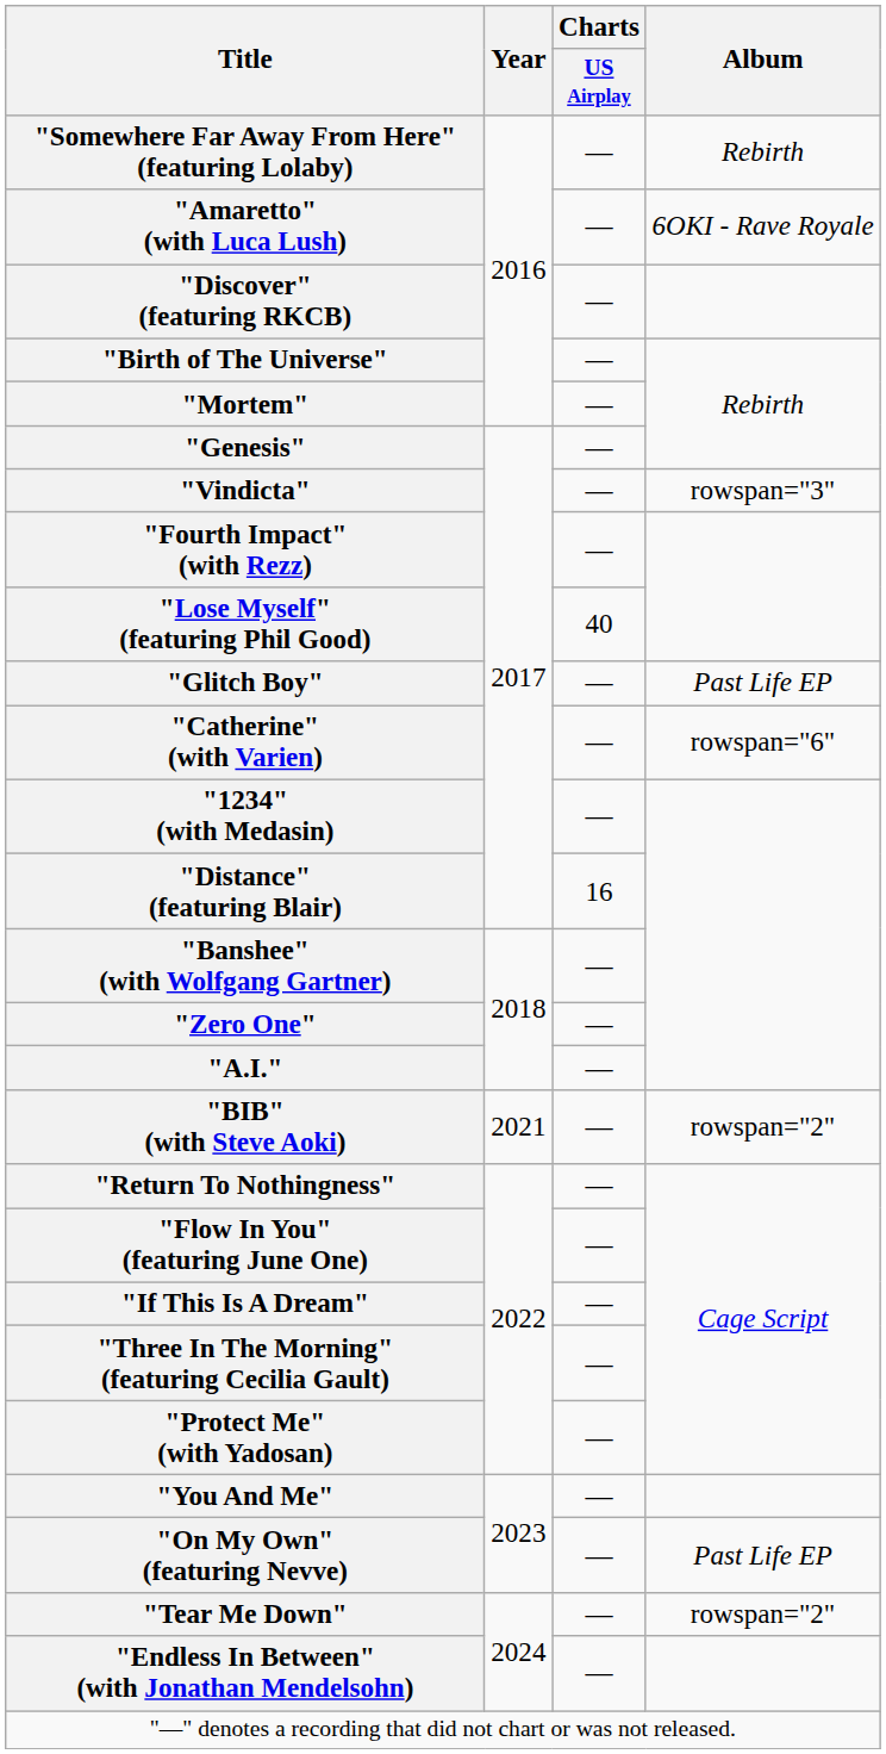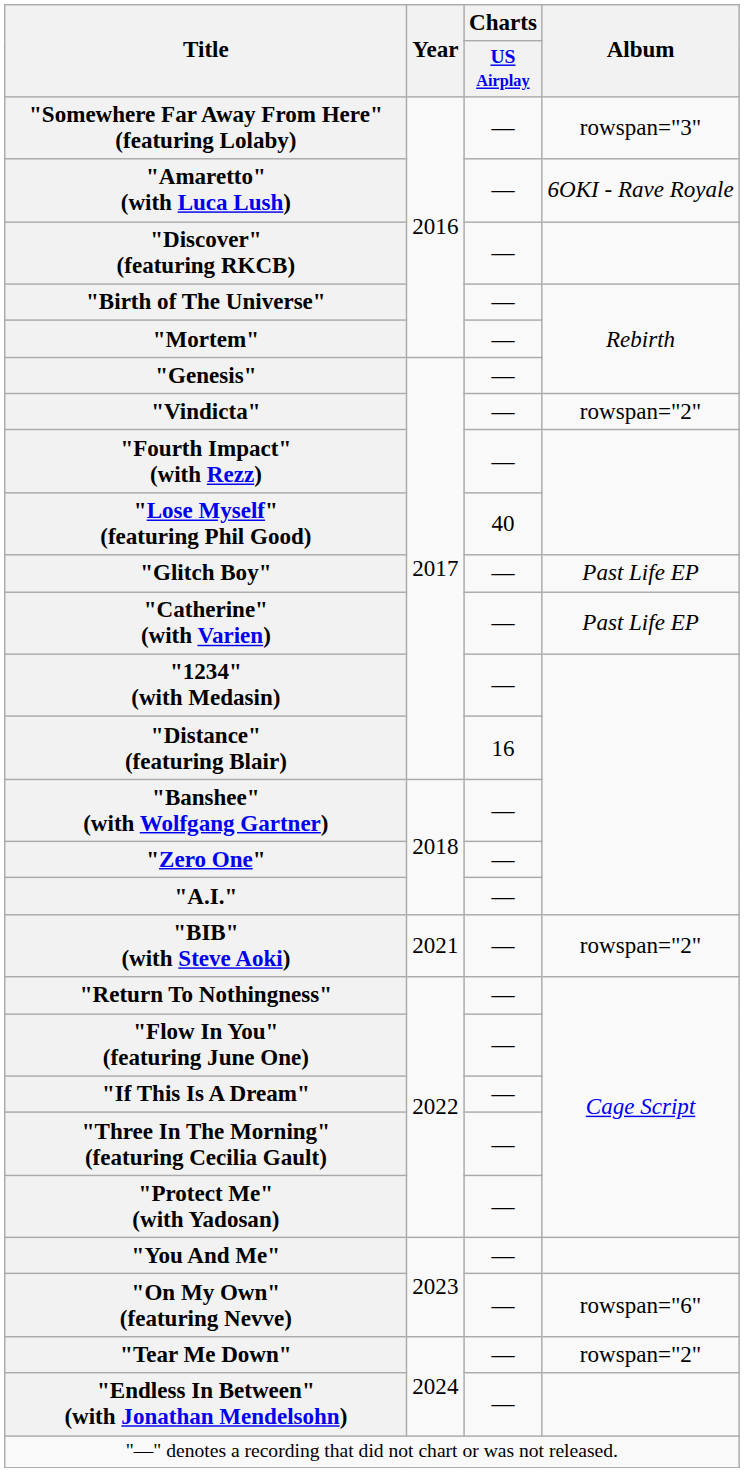 <table class="wikitable plainrowheaders" style="text-align:center;">
 <tr>
 <th scope="col" rowspan="2" style="width:17em;">Title</th>
 <th scope="col" rowspan="2" style="width:1em;">Year</th>
 <th scope="col" rowspan="1">Charts</th>
 <th scope="col" rowspan="2">Album</th>
 </tr>
 <tr>
 <th scope="col" style="width:3em;font-size:85%;"><a href='#'>US<br><small>Airplay</small></a><br></th>
 </tr>
 <tr>
 <th scope="row">"Somewhere Far Away From Here"<br><span>(featuring Lolaby)</span></th>
 <td rowspan="5">2016</td>
 <td>—</td>
-<td><em>Rebirth</em></td>
+<td>rowspan="3" </td>
 </tr>
 <tr>
 <th scope="row">"Amaretto"<br><span>(with <a href='#'>Luca Lush</a>)</span></th>
 <td>—</td>
 <td><em>6OKI - Rave Royale</em></td>
 </tr>
 <tr>
 <th scope="row">"Discover"<br><span>(featuring RKCB)</span></th>
 <td>—</td>
 </tr>
 <tr>
 <th scope="row">"Birth of The Universe"</th>
 <td>—</td>
 <td rowspan="3"><em>Rebirth</em></td>
 </tr>
 <tr>
 <th scope="row">"Mortem"</th>
 <td>—</td>
 </tr>
 <tr>
 <th scope="row">"Genesis"</th>
 <td rowspan="8">2017</td>
 <td>—</td>
 </tr>
 <tr>
 <th scope="row">"Vindicta"</th>
 <td>—</td>
-<td>rowspan="3" </td>
+<td>rowspan="2" </td>
 </tr>
 <tr>
 <th scope="row">"Fourth Impact"<br><span>(with <a href='#'>Rezz</a>)</span></th>
 <td>—</td>
 </tr>
 <tr>
 <th scope="row">"<a href='#'>Lose Myself</a>"<br><span>(featuring Phil Good)</span></th>
 <td>40</td>
 </tr>
 <tr>
 <th scope="row">"Glitch Boy"</th>
 <td>—</td>
 <td><em>Past Life EP</em></td>
 </tr>
 <tr>
 <th scope="row">"Catherine"<br><span>(with <a href='#'>Varien</a>)</span></th>
 <td>—</td>
-<td>rowspan="6" </td>
+<td><em>Past Life EP</em></td>
 </tr>
 <tr>
 <th scope="row">"1234"<br><span>(with Medasin)</span></th>
 <td>—</td>
 </tr>
 <tr>
 <th scope="row">"Distance"<br><span>(featuring Blair)</span></th>
 <td>16</td>
 </tr>
 <tr>
 <th scope="row">"Banshee"<br><span>(with <a href='#'>Wolfgang Gartner</a>)</span></th>
 <td rowspan="3">2018</td>
 <td>—</td>
 </tr>
 <tr>
 <th scope="row">"<a href='#'>Zero One</a>"</th>
 <td>—</td>
 </tr>
 <tr>
 <th scope="row">"A.I."</th>
 <td>—</td>
 </tr>
 <tr>
 <th scope="row">"BIB" <br><span>(with <a href='#'>Steve Aoki</a>)</span></th>
 <td>2021</td>
 <td>—</td>
 <td>rowspan="2" </td>
 </tr>
 <tr>
 <th scope="row">"Return To Nothingness"</th>
 <td rowspan="5">2022</td>
 <td>—</td>
 <td rowspan="5"><em><a href='#'>Cage Script</a></em></td>
 </tr>
 <tr>
 <th scope="row">"Flow In You"<br><span>(featuring June One)</span></th>
 <td>—</td>
 </tr>
 <tr>
 <th scope="row">"If This Is A Dream"</th>
 <td>—</td>
 </tr>
 <tr>
 <th scope="row">"Three In The Morning"<br><span>(featuring Cecilia Gault)</span></th>
 <td>—</td>
 </tr>
 <tr>
 <th scope="row">"Protect Me"<br><span>(with Yadosan)</span></th>
 <td>—</td>
 </tr>
 <tr>
 <th scope="row">"You And Me"</th>
 <td rowspan="2">2023</td>
 <td>—</td>
 <td></td>
 </tr>
 <tr>
 <th scope="row">"On My Own"<br><span>(featuring Nevve)</span></th>
 <td>—</td>
-<td><em>Past Life EP</em></td>
+<td>rowspan="6" </td>
 </tr>
 <tr>
 <th scope="row">"Tear Me Down"</th>
 <td rowspan="2">2024</td>
 <td>—</td>
 <td>rowspan="2" </td>
 </tr>
 <tr>
 <th scope="row">"Endless In Between"<br><span>(with <a href='#'>Jonathan Mendelsohn</a>)</span></th>
 <td>—</td>
 </tr>
 <tr>
 <td colspan="4" style="font-size:85%">"—" denotes a recording that did not chart or was not released.</td>
 </tr>
 </table>
